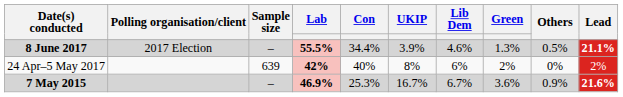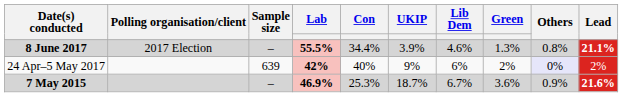 <table class="wikitable sortable mw-datatable" style="text-align:center;font-size:90%;line-height:14px;">
 <tr>
 <th rowspan="2">Date(s)<br>conducted</th>
 <th rowspan="2">Polling organisation/client</th>
 <th rowspan="2">Sample<br>size</th>
 <th style="width:50px;" class="unsortable"><a href='#'>Lab</a></th>
 <th style="width:50px;" class="unsortable"><a href='#'>Con</a></th>
 <th style="width:50px;" class="unsortable"><a href='#'>UKIP</a></th>
 <th style="width:50px;" class="unsortable"><a href='#'>Lib Dem</a></th>
 <th style="width:50px;" class="unsortable"><a href='#'>Green</a></th>
 <th style="width:50px;" rowspan="2" class="unsortable">Others</th>
 <th class="unsortable" style="width:20px;" rowspan="2">Lead</th>
 </tr>
 <tr>
 <th class="unsortable" style="color:inherit;background:"></th>
 <th class="unsortable" style="color:inherit;background:"></th>
 <th class="unsortable" style="color:inherit;background:"></th>
 <th class="unsortable" style="color:inherit;background:"></th>
 <th class="unsortable" style="color:inherit;background:"></th>
 </tr>
 <tr>
 <td style="background:#D5D5D5"><strong>8 June 2017</strong></td>
 <td style="background:#D5D5D5">2017 Election</td>
 <td style="background:#D5D5D5">–</td>
 <td style="background:#F8C1BE"><strong>55.5%</strong></td>
 <td style="background:#D5D5D5">34.4%</td>
 <td style="background:#D5D5D5">3.9%</td>
 <td style="background:#D5D5D5">4.6%</td>
 <td style="background:#D5D5D5">1.3%</td>
-<td style="background:#D5D5D5">0.5%</td>
+<td style="background:#D5D5D5">0.8%</td>
 <td style="background:#dc241f; color:white;"><strong>21.1%</strong></td>
 </tr>
 <tr>
 <td>24 Apr–5 May 2017</td>
 <td></td>
 <td>639</td>
 <td style="background:#F8C1BE"><strong>42%</strong></td>
 <td>40%</td>
-<td>8%</td>
+<td>9%</td>
 <td>6%</td>
 <td>2%</td>
-<td>0%</td>
+<td style="background: lavender;">0%</td>
 <td style="background:#dc241f; color:white;">2%</td>
 </tr>
 <tr>
 <td style="background:#D5D5D5"><strong>7 May 2015</strong></td>
 <td style="background:#D5D5D5"></td>
 <td style="background:#D5D5D5">–</td>
 <td style="background:#F8C1BE"><strong>46.9%</strong></td>
 <td style="background:#D5D5D5">25.3%</td>
-<td style="background:#D5D5D5">16.7%</td>
+<td style="background:#D5D5D5">18.7%</td>
 <td style="background:#D5D5D5">6.7%</td>
 <td style="background:#D5D5D5">3.6%</td>
 <td style="background:#D5D5D5">0.9%</td>
 <td style="background:#dc241f; color:white;"><strong>21.6%</strong></td>
 </tr>
 </table>
